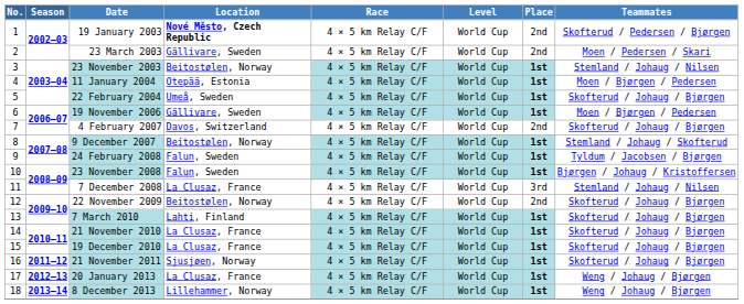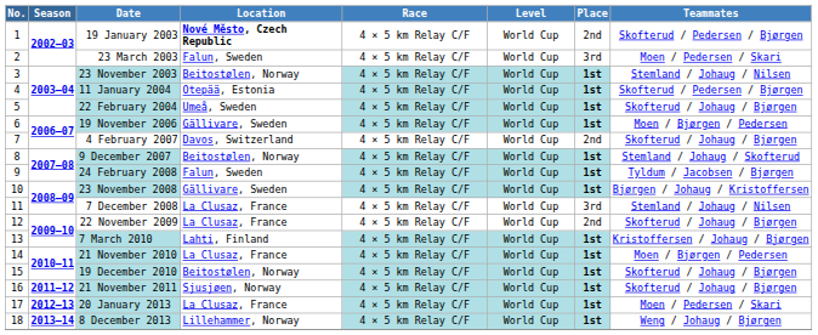 <table class="wikitable sortable" style="font-size:95%; text-align:center; border:grey solid 1px; border-collapse:collapse; background:#ffffff;">
 <tr style="background:#efefef;">
 <th style="background-color:#369; color:white;">No.</th>
 <th style="background-color:#369; color:white;">Season</th>
 <th style="background-color:#4180be; color:white; width:120px;">Date</th>
 <th style="background-color:#4180be; color:white; width:190px;">Location</th>
 <th style="background-color:#4180be; color:white; width:170px;">Race</th>
 <th style="background-color:#4180be; color:white; width:100px;">Level</th>
 <th style="background-color:#4180be; color:white;">Place</th>
 <th style="background-color:#4180be; color:white;">Teammates</th>
 </tr>
 <tr>
 <td align=center>1</td>
 <td rowspan=2 align=center><strong><a href='#'>2002–03</a></strong></td>
 <td align=right>19 January 2003</td>
 <td align=left><strong> <a href='#'>Nové Město</a>, Czech Republic</strong></td>
 <td>4 × 5 km Relay C/F</td>
 <td>World Cup</td>
 <td>2nd</td>
 <td><a href='#'>Skofterud</a> / <a href='#'>Pedersen</a> / <a href='#'>Bjørgen</a></td>
 </tr>
 <tr>
 <td align=center>2</td>
 <td align=right>23 March 2003</td>
-<td align=left> <a href='#'>Gällivare</a>, Sweden</td>
+<td align=left> <a href='#'>Falun</a>, Sweden</td>
 <td>4 × 5 km Relay C/F</td>
 <td>World Cup</td>
-<td>2nd</td>
+<td>3rd</td>
 <td><a href='#'>Moen</a> / <a href='#'>Pedersen</a> / <a href='#'>Skari</a></td>
 </tr>
 <tr>
 <td align=center>3</td>
 <td rowspan=3 align=center><strong><a href='#'>2003–04</a></strong></td>
 <td align=left bgcolor="#BOEOE6" align=right>23 November 2003</td>
 <td align=left> <a href='#'>Beitostølen</a>, Norway</td>
 <td bgcolor="#BOEOE6" align=center>4 × 5 km Relay C/F</td>
 <td bgcolor="#BOEOE6">World Cup</td>
 <td bgcolor="#BOEOE6"><strong>1st</strong></td>
 <td><a href='#'>Stemland</a> / <a href='#'>Johaug</a> / <a href='#'>Nilsen</a></td>
 </tr>
 <tr>
 <td align=center>4</td>
 <td align=left bgcolor="#BOEOE6" align=right>11 January 2004</td>
 <td align=left> <a href='#'>Otepää</a>, Estonia</td>
 <td bgcolor="#BOEOE6" align=center>4 × 5 km Relay C/F</td>
 <td bgcolor="#BOEOE6">World Cup</td>
 <td bgcolor="#BOEOE6"><strong>1st</strong></td>
-<td><a href='#'>Moen</a> / <a href='#'>Bjørgen</a> / <a href='#'>Pedersen</a></td>
+<td><a href='#'>Skofterud</a> / <a href='#'>Pedersen</a> / <a href='#'>Bjørgen</a></td>
 </tr>
 <tr>
 <td align=center>5</td>
 <td align=left bgcolor="#BOEOE6" align=right>22 February 2004</td>
 <td align=left> <a href='#'>Umeå</a>, Sweden</td>
 <td bgcolor="#BOEOE6" align=center>4 × 5 km Relay C/F</td>
 <td bgcolor="#BOEOE6">World Cup</td>
 <td bgcolor="#BOEOE6"><strong>1st</strong></td>
 <td><a href='#'>Skofterud</a> / <a href='#'>Johaug</a> / <a href='#'>Bjørgen</a></td>
 </tr>
 <tr>
 <td align=center>6</td>
 <td rowspan=2 align=center><strong><a href='#'>2006–07</a></strong></td>
 <td align=left bgcolor="#BOEOE6" align=right>19 November 2006</td>
 <td align=left> <a href='#'>Gällivare</a>, Sweden</td>
 <td bgcolor="#BOEOE6" align=center>4 × 5 km Relay C/F</td>
 <td bgcolor="#BOEOE6">World Cup</td>
 <td bgcolor="#BOEOE6"><strong>1st</strong></td>
 <td><a href='#'>Moen</a> / <a href='#'>Bjørgen</a> / <a href='#'>Pedersen</a></td>
 </tr>
 <tr>
 <td align=center>7</td>
 <td align=right>4 February 2007</td>
 <td align=left> <a href='#'>Davos</a>, Switzerland</td>
 <td>4 × 5 km Relay C/F</td>
 <td>World Cup</td>
 <td>2nd</td>
 <td><a href='#'>Skofterud</a> / <a href='#'>Johaug</a> / <a href='#'>Bjørgen</a></td>
 </tr>
 <tr>
 <td align=center>8</td>
 <td rowspan=2 align=center><strong><a href='#'>2007–08</a></strong></td>
 <td align=left bgcolor="#BOEOE6" align=right>9 December 2007</td>
 <td align=left> <a href='#'>Beitostølen</a>, Norway</td>
 <td bgcolor="#BOEOE6" align=center>4 × 5 km Relay C/F</td>
 <td bgcolor="#BOEOE6">World Cup</td>
 <td bgcolor="#BOEOE6"><strong>1st</strong></td>
 <td><a href='#'>Stemland</a> / <a href='#'>Johaug</a> / <a href='#'>Skofterud</a></td>
 </tr>
 <tr>
 <td align=center>9</td>
 <td align=left bgcolor="#BOEOE6" align=right>24 February 2008</td>
 <td align=left> <a href='#'>Falun</a>, Sweden</td>
 <td bgcolor="#BOEOE6" align=center>4 × 5 km Relay C/F</td>
 <td bgcolor="#BOEOE6">World Cup</td>
 <td bgcolor="#BOEOE6"><strong>1st</strong></td>
 <td><a href='#'>Tyldum</a> / <a href='#'>Jacobsen</a> / <a href='#'>Bjørgen</a></td>
 </tr>
 <tr>
 <td align=center>10</td>
 <td rowspan=2 align=center><strong><a href='#'>2008–09</a></strong></td>
 <td align=left bgcolor="#BOEOE6" align=right>23 November 2008</td>
-<td align=left> <a href='#'>Falun</a>, Sweden</td>
+<td align=left> <a href='#'>Gällivare</a>, Sweden</td>
 <td bgcolor="#BOEOE6" align=center>4 × 5 km Relay C/F</td>
 <td bgcolor="#BOEOE6">World Cup</td>
 <td bgcolor="#BOEOE6"><strong>1st</strong></td>
 <td><a href='#'>Bjørgen</a> / <a href='#'>Johaug</a> / <a href='#'>Kristoffersen</a></td>
 </tr>
 <tr>
 <td align=center>11</td>
 <td align=right>7 December 2008</td>
 <td align=left> <a href='#'>La Clusaz</a>, France</td>
 <td>4 × 5 km Relay C/F</td>
 <td>World Cup</td>
 <td>3rd</td>
 <td><a href='#'>Stemland</a> / <a href='#'>Johaug</a> / <a href='#'>Nilsen</a></td>
 </tr>
 <tr>
 <td align=center>12</td>
 <td rowspan=2 align=center><strong><a href='#'>2009–10</a></strong></td>
 <td align=right>22 November 2009</td>
-<td align=left> <a href='#'>Beitostølen</a>, Norway</td>
+<td align=left> <a href='#'>La Clusaz</a>, France</td>
 <td>4 × 5 km Relay C/F</td>
 <td>World Cup</td>
 <td>2nd</td>
 <td><a href='#'>Skofterud</a> / <a href='#'>Johaug</a> / <a href='#'>Bjørgen</a></td>
 </tr>
 <tr>
 <td align=center>13</td>
 <td align=left bgcolor="#BOEOE6" align=right>7 March 2010</td>
 <td align=left> <a href='#'>Lahti</a>, Finland</td>
 <td bgcolor="#BOEOE6" align=center>4 × 5 km Relay C/F</td>
 <td bgcolor="#BOEOE6">World Cup</td>
 <td bgcolor="#BOEOE6"><strong>1st</strong></td>
-<td><a href='#'>Skofterud</a> / <a href='#'>Johaug</a> / <a href='#'>Bjørgen</a></td>
+<td><a href='#'>Kristoffersen</a> / <a href='#'>Johaug</a> / <a href='#'>Bjørgen</a></td>
 </tr>
 <tr>
 <td align=center>14</td>
 <td rowspan=2 align=center><strong><a href='#'>2010–11</a></strong></td>
 <td align=left bgcolor="#BOEOE6" align=right>21 November 2010</td>
 <td align=left> <a href='#'>La Clusaz</a>, France</td>
 <td bgcolor="#BOEOE6" align=center>4 × 5 km Relay C/F</td>
 <td bgcolor="#BOEOE6">World Cup</td>
 <td bgcolor="#BOEOE6"><strong>1st</strong></td>
-<td><a href='#'>Skofterud</a> / <a href='#'>Johaug</a> / <a href='#'>Bjørgen</a></td>
+<td><a href='#'>Moen</a> / <a href='#'>Bjørgen</a> / <a href='#'>Pedersen</a></td>
 </tr>
 <tr>
 <td align=center>15</td>
 <td align=left bgcolor="#BOEOE6" align=right>19 December 2010</td>
-<td align=left> <a href='#'>La Clusaz</a>, France</td>
+<td align=left> <a href='#'>Beitostølen</a>, Norway</td>
 <td bgcolor="#BOEOE6" align=center>4 × 5 km Relay C/F</td>
 <td bgcolor="#BOEOE6">World Cup</td>
 <td bgcolor="#BOEOE6"><strong>1st</strong></td>
 <td><a href='#'>Skofterud</a> / <a href='#'>Johaug</a> / <a href='#'>Bjørgen</a></td>
 </tr>
 <tr>
 <td align=center>16</td>
 <td rowspan=1 align=center><strong><a href='#'>2011–12</a></strong></td>
 <td align=left bgcolor="#BOEOE6" align=right>21 November 2011</td>
 <td align=left> <a href='#'>Sjusjøen</a>, Norway</td>
 <td bgcolor="#BOEOE6" align=center>4 × 5 km Relay C/F</td>
 <td bgcolor="#BOEOE6">World Cup</td>
 <td bgcolor="#BOEOE6"><strong>1st</strong></td>
 <td><a href='#'>Skofterud</a> / <a href='#'>Johaug</a> / <a href='#'>Bjørgen</a></td>
 </tr>
 <tr>
 <td align=center>17</td>
 <td rowspan=1 align=center><strong><a href='#'>2012–13</a></strong></td>
 <td align=left bgcolor="#BOEOE6" align=right>20 January 2013</td>
 <td align=left> <a href='#'>La Clusaz</a>, France</td>
 <td bgcolor="#BOEOE6" align=center>4 × 5 km Relay C/F</td>
 <td bgcolor="#BOEOE6">World Cup</td>
 <td bgcolor="#BOEOE6"><strong>1st</strong></td>
-<td><a href='#'>Weng</a> / <a href='#'>Johaug</a> / <a href='#'>Bjørgen</a></td>
+<td><a href='#'>Moen</a> / <a href='#'>Pedersen</a> / <a href='#'>Skari</a></td>
 </tr>
 <tr>
 <td align=center>18</td>
 <td rowspan=1 align=center><strong><a href='#'>2013–14</a></strong></td>
 <td align=left bgcolor="#BOEOE6" align=right>8 December 2013</td>
 <td align=left> <a href='#'>Lillehammer</a>, Norway</td>
 <td bgcolor="#BOEOE6" align=center>4 × 5 km Relay C/F</td>
 <td bgcolor="#BOEOE6">World Cup</td>
 <td bgcolor="#BOEOE6"><strong>1st</strong></td>
 <td><a href='#'>Weng</a> / <a href='#'>Johaug</a> / <a href='#'>Bjørgen</a></td>
 </tr>
 <tr>
 </tr>
 </table>
